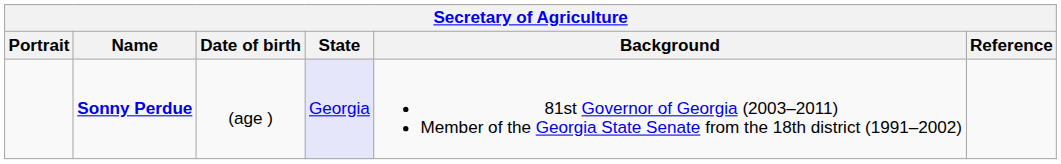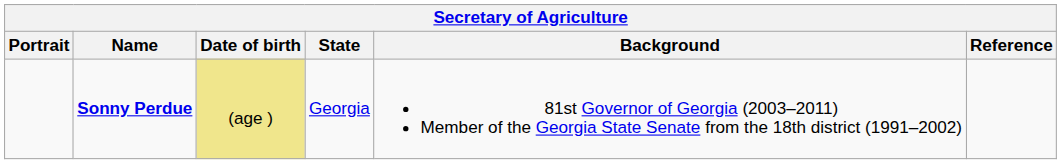 <table class="wikitable collapsible" style="text-align:center;">
 <tr>
 <th colspan="6"><a href='#'>Secretary of Agriculture</a></th>
 </tr>
 <tr>
 <th>Portrait</th>
 <th>Name</th>
 <th>Date of birth</th>
 <th>State</th>
 <th>Background</th>
 <th>Reference</th>
 </tr>
 <tr>
 <td></td>
 <td><strong><a href='#'>Sonny Perdue</a></strong></td>
-<td><br>(age )</td>
-<td style="background: lavender;"> <a href='#'>Georgia</a></td>
+<td style="background: khaki;"><br>(age )</td>
+<td> <a href='#'>Georgia</a></td>
 <td><br><ul><li>81st <a href='#'>Governor of Georgia</a> (2003–2011)</li><li>Member of the <a href='#'>Georgia State Senate</a> from the 18th district (1991–2002)</li></ul></td>
 <td></td>
 </tr>
 </table>
